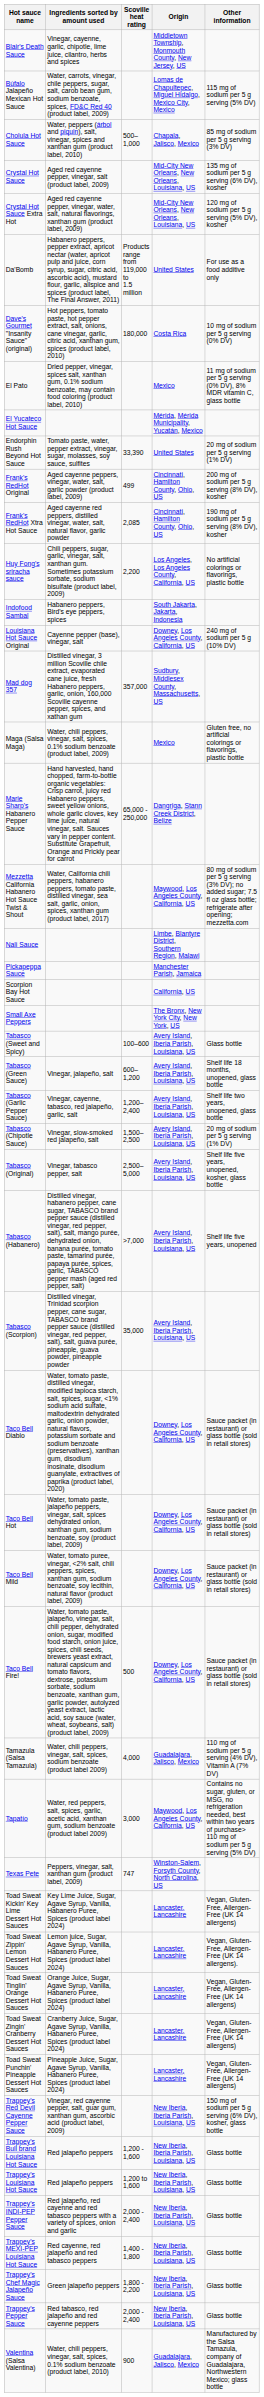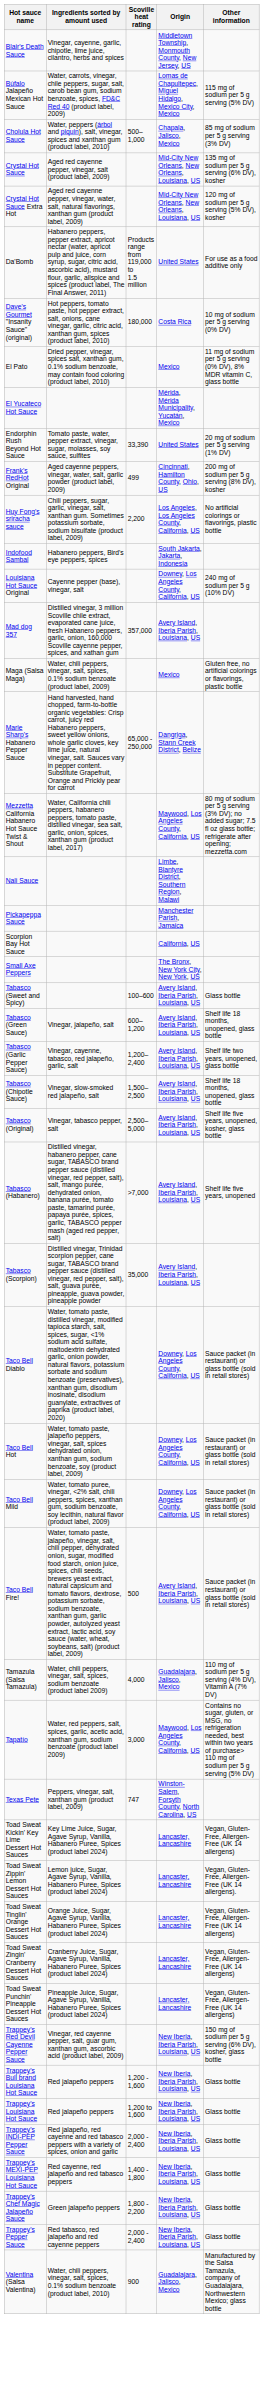 <table class="wikitable sortable">
 <tr>
 <th>Hot sauce name</th>
 <th>Ingredients sorted by amount used</th>
 <th>Scoville heat rating</th>
 <th>Origin</th>
 <th class=unsortable>Other information</th>
 </tr>
 <tr>
 <td><a href='#'>Blair's Death Sauce</a></td>
 <td>Vinegar, cayenne, garlic, chipotle, lime juice, cilantro, herbs and spices</td>
 <td></td>
 <td><a href='#'>Middletown Township</a>, <a href='#'>Monmouth County</a>, <a href='#'>New Jersey</a>, <a href='#'>US</a></td>
 <td></td>
 </tr>
 <tr>
 <td><a href='#'>Búfalo</a> Jalapeño Mexican Hot Sauce</td>
 <td>Water, carrots, vinegar, chile peppers, sugar, salt, carob bean gum, sodium benzoate, spices, <a href='#'>FD&C Red 40</a> (product label, 2009)</td>
 <td></td>
 <td><a href='#'>Lomas de Chapultepec</a>,  <a href='#'>Miguel Hidalgo</a>, <a href='#'>Mexico City</a>, <a href='#'>Mexico</a></td>
 <td>115 mg of sodium per 5 g serving (5% DV)</td>
 </tr>
 <tr>
 <td><a href='#'>Cholula Hot Sauce</a></td>
 <td>Water, peppers (<a href='#'>árbol</a> and <a href='#'>piquin</a>), salt, vinegar, spices and xanthan gum (product label, 2010)</td>
 <td>500–1,000</td>
 <td><a href='#'>Chapala</a>, <a href='#'>Jalisco</a>, <a href='#'>Mexico</a></td>
 <td>85 mg of sodium per 5 g serving (3% DV)</td>
 </tr>
 <tr>
 <td><a href='#'>Crystal Hot Sauce</a></td>
 <td>Aged red cayenne pepper, vinegar, salt (product label, 2009)</td>
 <td></td>
 <td><a href='#'>Mid-City New Orleans</a>, <a href='#'>New Orleans</a>, <a href='#'>Louisiana</a>, <a href='#'>US</a></td>
 <td>135 mg of sodium per 5 g serving (6% DV), kosher</td>
 </tr>
 <tr>
 <td><a href='#'>Crystal Hot Sauce</a> Extra Hot</td>
 <td>Aged red cayenne pepper, vinegar, water, salt, natural flavorings, xanthan gum (product label, 2009)</td>
 <td></td>
 <td><a href='#'>Mid-City New Orleans</a>, <a href='#'>New Orleans</a>, <a href='#'>Louisiana</a>, <a href='#'>US</a></td>
 <td>120 mg of sodium per 5 g serving (5% DV), kosher</td>
 </tr>
 <tr>
 <td>Da'Bomb</td>
 <td>Habanero peppers, pepper extract, apricot nectar (water, apricot pulp and juice, corn syrup, sugar, citric acid, ascorbic acid), mustard flour, garlic, allspice and spices (product label, The Final Answer, 2011)</td>
 <td>Products<br>range from<br>119,000 to<br>1.5 million</td>
 <td><a href='#'>United States</a></td>
 <td>For use as a food additive only</td>
 </tr>
 <tr>
 <td><a href='#'>Dave's Gourmet</a> "Insanity Sauce" (original)</td>
 <td>Hot peppers, tomato paste, hot pepper extract, salt, onions, cane vinegar, garlic, citric acid, xanthan gum, spices (product label, 2010)</td>
 <td>180,000</td>
 <td><a href='#'>Costa Rica</a></td>
 <td>10 mg of sodium per 5 g serving (0% DV)</td>
 </tr>
 <tr>
 <td>El Pato</td>
 <td>Dried pepper, vinegar, spices salt, xanthan gum, 0.1% sodium benzoate, may contain food coloring (product label, 2010)</td>
 <td></td>
 <td><a href='#'>Mexico</a></td>
 <td>11 mg of sodium per 5 g serving (0% DV), 8% MDR vitamin C, glass bottle</td>
 </tr>
 <tr>
 <td><a href='#'>El Yucateco Hot Sauce</a></td>
 <td></td>
 <td></td>
 <td><a href='#'>Mérida</a>, <a href='#'>Mérida Municipality</a>, <a href='#'>Yucatán</a>, <a href='#'>Mexico</a></td>
 <td></td>
 </tr>
 <tr>
 <td>Endorphin Rush Beyond Hot Sauce</td>
 <td>Tomato paste, water, pepper extract, vinegar, sugar, molasses, soy sauce, sulfites</td>
 <td>33,390</td>
 <td><a href='#'>United States</a></td>
 <td>20 mg of sodium per 5 g serving (1% DV)</td>
 </tr>
 <tr>
 <td><a href='#'>Frank's RedHot</a> Original</td>
 <td>Aged cayenne peppers, vinegar, water, salt, garlic powder (product label, 2009)</td>
 <td>499</td>
 <td><a href='#'>Cincinnati</a>, <a href='#'>Hamilton County</a>, <a href='#'>Ohio</a>, <a href='#'>US</a></td>
 <td>200 mg of sodium per 5 g serving (8% DV), kosher</td>
 </tr>
 <tr>
-<td><a href='#'>Frank's RedHot</a> Xtra Hot Sauce</td>
-<td>Aged cayenne red peppers, distilled vinegar, water, salt, natural flavor, garlic powder</td>
-<td>2,085</td>
-<td><a href='#'>Cincinnati</a>, <a href='#'>Hamilton County</a>, <a href='#'>Ohio</a>, <a href='#'>US</a></td>
-<td>190 mg of sodium per 5 g serving (8% DV), kosher</td>
-</tr>
-<tr>
 <td><a href='#'>Huy Fong's sriracha sauce</a></td>
 <td>Chili peppers, sugar, garlic, vinegar, salt, xanthan gum. Sometimes potassium sorbate, sodium bisulfate (product label, 2009)</td>
 <td>2,200</td>
 <td><a href='#'>Los Angeles</a>, <a href='#'>Los Angeles County</a>, <a href='#'>California</a>, <a href='#'>US</a></td>
 <td>No artificial colorings or flavorings, plastic bottle</td>
 </tr>
 <tr>
 <td><a href='#'>Indofood Sambal</a></td>
 <td>Habanero peppers, Bird's eye peppers, spices</td>
 <td></td>
 <td><a href='#'>South Jakarta</a>, <a href='#'>Jakarta</a>, <a href='#'>Indonesia</a></td>
 <td></td>
 </tr>
 <tr>
 <td><a href='#'>Louisiana Hot Sauce</a> Original</td>
 <td>Cayenne pepper (base), vinegar, salt</td>
 <td></td>
 <td><a href='#'>Downey</a>, <a href='#'>Los Angeles County</a>, <a href='#'>California</a>, <a href='#'>US</a></td>
 <td>240 mg of sodium per 5 g (10% DV)</td>
 </tr>
 <tr>
 <td><a href='#'>Mad dog 357</a></td>
 <td>Distilled vinegar, 3 million Scoville chile extract, evaporated cane juice, fresh Habanero peppers, garlic, onion, 160,000 Scoville cayenne pepper, spices, and xathan gum</td>
 <td>357,000</td>
-<td><a href='#'>Sudbury</a>, <a href='#'>Middlesex County</a>, <a href='#'>Massachusetts</a>, <a href='#'>US</a></td>
+<td><a href='#'>Avery Island</a>, <a href='#'>Iberia Parish</a>, <a href='#'>Louisiana</a>, <a href='#'>US</a></td>
 <td></td>
 </tr>
 <tr>
 <td>Maga (Salsa Maga)</td>
 <td>Water, chili peppers, vinegar, salt, spices, 0.1% sodium benzoate (product label, 2009)</td>
 <td></td>
 <td><a href='#'>Mexico</a></td>
 <td>Gluten free, no artificial colorings or flavorings, plastic bottle</td>
 </tr>
 <tr>
 <td><a href='#'>Marie Sharp's</a> Habanero Pepper Sauce</td>
 <td>Hand harvested, hand chopped, farm-to-bottle organic vegetables: Crisp carrot, juicy red Habanero peppers, sweet yellow onions, whole garlic cloves, key lime juice, natural vinegar, salt.  Sauces vary in pepper content.<br>Substitute Grapefruit, Orange and Prickly pear for carrot</td>
 <td>65,000 - 250,000</td>
 <td><a href='#'>Dangriga</a>, <a href='#'>Stann Creek District</a>, <a href='#'>Belize</a></td>
 <td></td>
 </tr>
 <tr>
 <td><a href='#'>Mezzetta</a> California Habanero Hot Sauce Twist & Shout</td>
 <td>Water, California chili peppers, habanero peppers, tomato paste, distilled vinegar, sea salt, garlic, onion, spices, xanthan gum (product label, 2017)</td>
 <td></td>
 <td><a href='#'>Maywood</a>, <a href='#'>Los Angeles County</a>, <a href='#'>California</a>, <a href='#'>US</a></td>
 <td>80 mg of sodium per 5 g serving (3% DV); no added sugar; 7.5 fl oz glass bottle; refrigerate after opening; mezzetta.com</td>
 </tr>
 <tr>
 <td><a href='#'>Nali Sauce</a></td>
 <td></td>
 <td></td>
 <td><a href='#'>Limbe</a>, <a href='#'>Blantyre District</a>, <a href='#'>Southern Region</a>, <a href='#'>Malawi</a></td>
 </tr>
 <tr>
 <td><a href='#'>Pickapeppa Sauce</a></td>
 <td></td>
 <td></td>
 <td><a href='#'>Manchester Parish</a>, <a href='#'>Jamaica</a></td>
 <td></td>
 </tr>
 <tr>
 <td>Scorpion Bay Hot Sauce</td>
 <td></td>
 <td></td>
 <td><a href='#'>California</a>, <a href='#'>US</a></td>
 <td></td>
 </tr>
 <tr>
 <td><a href='#'>Small Axe Peppers</a></td>
 <td></td>
 <td></td>
 <td><a href='#'>The Bronx</a>, <a href='#'>New York City</a>, <a href='#'>New York</a>, <a href='#'>US</a></td>
 <td></td>
 </tr>
 <tr>
 <td><a href='#'>Tabasco</a> (Sweet and Spicy)</td>
 <td></td>
 <td>100–600</td>
 <td><a href='#'>Avery Island</a>, <a href='#'>Iberia Parish</a>, <a href='#'>Louisiana</a>, <a href='#'>US</a></td>
 <td>Glass bottle</td>
 </tr>
 <tr>
 <td><a href='#'>Tabasco</a> (Green Sauce)</td>
 <td>Vinegar, jalapeño, salt</td>
 <td>600–1,200</td>
 <td><a href='#'>Avery Island</a>, <a href='#'>Iberia Parish</a>, <a href='#'>Louisiana</a>, <a href='#'>US</a></td>
 <td>Shelf life 18 months, unopened, glass bottle</td>
 </tr>
 <tr>
 <td><a href='#'>Tabasco</a> (Garlic Pepper Sauce)</td>
 <td>Vinegar, cayenne, tabasco, red jalapeño, garlic, salt</td>
 <td>1,200–2,400</td>
 <td><a href='#'>Avery Island</a>, <a href='#'>Iberia Parish</a>, <a href='#'>Louisiana</a>, <a href='#'>US</a></td>
 <td>Shelf life two years, unopened, glass bottle</td>
 </tr>
 <tr>
 <td><a href='#'>Tabasco</a> (Chipotle Sauce)</td>
 <td>Vinegar, slow-smoked red jalapeño, salt</td>
 <td>1,500–2,500</td>
 <td><a href='#'>Avery Island</a>, <a href='#'>Iberia Parish</a>, <a href='#'>Louisiana</a>, <a href='#'>US</a></td>
-<td>20 mg of sodium per 5 g serving (1% DV)</td>
+<td>Shelf life 18 months, unopened, glass bottle</td>
 </tr>
 <tr>
 <td><a href='#'>Tabasco</a> (Original)</td>
 <td>Vinegar, tabasco pepper, salt</td>
 <td>2,500–5,000</td>
 <td><a href='#'>Avery Island</a>, <a href='#'>Iberia Parish</a>, <a href='#'>Louisiana</a>, <a href='#'>US</a></td>
 <td>Shelf life five years, unopened, kosher, glass bottle</td>
 </tr>
 <tr>
 <td><a href='#'>Tabasco</a> (Habanero)</td>
 <td>Distilled vinegar, habanero pepper, cane sugar, TABASCO brand pepper sauce (distilled vinegar, red pepper, salt), salt, mango purée, dehydrated onion, banana purée, tomato paste, tamarind purée, papaya purée, spices, garlic, TABASCO pepper mash (aged red pepper, salt)</td>
 <td>>7,000</td>
 <td><a href='#'>Avery Island</a>, <a href='#'>Iberia Parish</a>, <a href='#'>Louisiana</a>, <a href='#'>US</a></td>
 <td>Shelf life five years, unopened</td>
 </tr>
 <tr>
 <td><a href='#'>Tabasco</a> (Scorpion)</td>
 <td>Distilled vinegar, Trinidad scorpion pepper, cane sugar, TABASCO brand pepper sauce (distilled vinegar, red pepper, salt), salt, guava purée, pineapple, guava powder, pineapple powder</td>
 <td>35,000</td>
 <td><a href='#'>Avery Island</a>, <a href='#'>Iberia Parish</a>, <a href='#'>Louisiana</a>, <a href='#'>US</a></td>
 <td></td>
 </tr>
 <tr>
 <td><a href='#'>Taco Bell</a> Diablo</td>
 <td>Water, tomato paste, distilled vinegar, modified tapioca starch, salt, spices, sugar, <1% sodium acid sulfate, maltodextrin dehydrated garlic, onion powder, natural flavors, potassium sorbate and sodium benzoate (preservatives), xanthan gum, disodium inosinate, disodium guanylate, extractives of paprika (product label, 2020)</td>
 <td></td>
 <td><a href='#'>Downey</a>, <a href='#'>Los Angeles County</a>, <a href='#'>California</a>, <a href='#'>US</a></td>
 <td>Sauce packet (in restaurant) or glass bottle (sold in retail stores)</td>
 </tr>
 <tr>
 <td><a href='#'>Taco Bell</a> Hot</td>
 <td>Water, tomato paste, jalapeño peppers, vinegar, salt, spices dehydrated onion, xanthan gum, sodium benzoate, soy (product label, 2009)</td>
 <td></td>
 <td><a href='#'>Downey</a>, <a href='#'>Los Angeles County</a>, <a href='#'>California</a>, <a href='#'>US</a></td>
 <td>Sauce packet (in restaurant) or glass bottle (sold in retail stores)</td>
 </tr>
 <tr>
 <td><a href='#'>Taco Bell</a> Mild</td>
 <td>Water, tomato puree, vinegar, <2% salt, chili peppers, spices, xanthan gum, sodium benzoate, soy lecithin, natural flavor (product label, 2009)</td>
 <td></td>
 <td><a href='#'>Downey</a>, <a href='#'>Los Angeles County</a>, <a href='#'>California</a>, <a href='#'>US</a></td>
 <td>Sauce packet (in restaurant) or glass bottle (sold in retail stores)</td>
 </tr>
 <tr>
 <td><a href='#'>Taco Bell</a> Fire!</td>
 <td>Water, tomato paste, jalapeño, vinegar, salt, chili pepper, dehydrated onion, sugar, modified food starch, onion juice, spices, chili seeds, brewers yeast extract, natural capsicum and tomato flavors, dextrose, potassium sorbate, sodium benzoate, xanthan gum, garlic powder, autolyzed yeast extract, lactic acid, soy sauce (water, wheat, soybeans, salt) (product label, 2009)</td>
 <td>500</td>
-<td><a href='#'>Downey</a>, <a href='#'>Los Angeles County</a>, <a href='#'>California</a>, <a href='#'>US</a></td>
+<td><a href='#'>Avery Island</a>, <a href='#'>Iberia Parish</a>, <a href='#'>Louisiana</a>, <a href='#'>US</a></td>
 <td>Sauce packet (in restaurant) or glass bottle (sold in retail stores)</td>
 </tr>
 <tr>
 <td>Tamazula (Salsa Tamazula)</td>
 <td>Water, chili peppers, vinegar, salt, spices, sodium benzoate (product label 2009)</td>
 <td>4,000</td>
 <td><a href='#'>Guadalajara</a>, <a href='#'>Jalisco</a>, <a href='#'>Mexico</a></td>
 <td>110 mg of sodium per 5 g serving (4% DV), Vitamin A (7% DV)</td>
 </tr>
 <tr>
 <td><a href='#'>Tapatío</a></td>
 <td>Water, red peppers, salt, spices, garlic, acetic acid, xanthan gum, sodium benzoate (product label 2009)</td>
 <td>3,000</td>
 <td><a href='#'>Maywood</a>, <a href='#'>Los Angeles County</a>, <a href='#'>California</a>, <a href='#'>US</a></td>
 <td>Contains no sugar, gluten, or MSG, no refrigeration needed, best within two years of purchase> 110 mg of sodium per 5 g serving (5% DV)</td>
 </tr>
 <tr>
 <td><a href='#'>Texas Pete</a></td>
 <td>Peppers, vinegar, salt, xanthan gum (product label, 2009)</td>
 <td>747</td>
 <td><a href='#'>Winston-Salem</a>, <a href='#'>Forsyth County</a>, <a href='#'>North Carolina</a>,  <a href='#'>US</a></td>
 <td></td>
 </tr>
 <tr>
 <td>Toad Sweat Kickin' Key Lime Dessert Hot Sauces</td>
 <td>Key Lime Juice, Sugar, Agave Syrup, Vanilla, Habanero Puree, Spices (product label 2024)</td>
 <td></td>
 <td><a href='#'>Lancaster, Lancashire</a></td>
 <td>Vegan, Gluten-Free, Allergen-Free (UK 14 allergens)</td>
 </tr>
 <tr>
 <td>Toad Sweat Zippin' Lemon Dessert Hot Sauces</td>
 <td>Lemon juice, Sugar, Agave Syrup, Vanilla, Habanero Puree, Spices (product label 2024)</td>
 <td></td>
 <td><a href='#'>Lancaster, Lancashire</a></td>
 <td>Vegan, Gluten-Free, Allergen-Free (UK 14 allergens).</td>
 </tr>
 <tr>
 <td>Toad Sweat Tinglin' Orange Dessert Hot Sauces</td>
 <td>Orange Juice, Sugar, Agave Syrup, Vanilla, Habanero Puree, Spices (product label 2024)</td>
 <td></td>
 <td><a href='#'>Lancaster, Lancashire</a></td>
 <td>Vegan, Gluten-Free, Allergen-Free (UK 14 allergens)</td>
 </tr>
 <tr>
 <td>Toad Sweat Zingin' Cranberry Dessert Hot Sauces</td>
 <td>Cranberry Juice, Sugar, Agave Syrup, Vanilla, Habanero Puree, Spices (product label 2024)</td>
 <td></td>
 <td><a href='#'>Lancaster, Lancashire</a></td>
 <td>Vegan, Gluten-Free, Allergen-Free (UK 14 allergens)</td>
 </tr>
 <tr>
 <td>Toad Sweat Punchin' Pineapple Dessert Hot Sauces</td>
 <td>Pineapple Juice, Sugar, Agave Syrup, Vanilla, Habanero Puree, Spices (product label 2024)</td>
 <td></td>
 <td><a href='#'>Lancaster, Lancashire</a></td>
 <td>Vegan, Gluten-Free, Allergen-Free (UK 14 allergens)</td>
 </tr>
 <tr>
 <td><a href='#'>Trappey's Red Devil Cayenne Pepper Sauce</a></td>
 <td>Vinegar, red cayenne pepper, salt, guar gum, xanthan gum, ascorbic acid (product label, 2009)</td>
 <td></td>
 <td><a href='#'>New Iberia</a>, <a href='#'>Iberia Parish</a>, <a href='#'>Louisiana</a>, <a href='#'>US</a></td>
 <td>150 mg of sodium per 5 g serving (6% DV), kosher, glass bottle</td>
 </tr>
 <tr>
 <td><a href='#'>Trappey's Bull brand Louisiana Hot Sauce</a></td>
 <td>Red jalapeño peppers</td>
 <td>1,200 - 1,600</td>
 <td><a href='#'>New Iberia</a>, <a href='#'>Iberia Parish</a>, <a href='#'>Louisiana</a>, <a href='#'>US</a></td>
 <td>Glass bottle</td>
 </tr>
 <tr>
 <td><a href='#'>Trappey's Louisiana Hot Sauce</a></td>
 <td>Red jalapeño peppers</td>
 <td>1,200 to 1,600</td>
 <td><a href='#'>New Iberia</a>, <a href='#'>Iberia Parish</a>, <a href='#'>Louisiana</a>, <a href='#'>US</a></td>
 <td>Glass bottle</td>
 </tr>
 <tr>
 <td><a href='#'>Trappey's INDI-PEP Pepper Sauce</a></td>
 <td>Red jalapeño, red cayenne and red tabasco peppers with a variety of spices, onion and garlic</td>
 <td>2,000 - 2,400</td>
 <td><a href='#'>New Iberia</a>, <a href='#'>Iberia Parish</a>, <a href='#'>Louisiana</a>, <a href='#'>US</a></td>
 <td>Glass bottle</td>
 </tr>
 <tr>
 <td><a href='#'>Trappey's MEXI-PEP Louisiana Hot Sauce</a></td>
 <td>Red cayenne, red jalapeño and red tabasco peppers</td>
 <td>1,400 - 1,800</td>
 <td><a href='#'>New Iberia</a>, <a href='#'>Iberia Parish</a>, <a href='#'>Louisiana</a>, <a href='#'>US</a></td>
 <td>Glass bottle</td>
 </tr>
 <tr>
 <td><a href='#'>Trappey's Chef Magic Jalapeño Sauce</a></td>
 <td>Green jalapeño peppers</td>
 <td>1,800 - 2,200</td>
 <td><a href='#'>New Iberia</a>, <a href='#'>Iberia Parish</a>, <a href='#'>Louisiana</a>, <a href='#'>US</a></td>
 <td>Glass bottle</td>
 </tr>
 <tr>
 <td><a href='#'>Trappey's Pepper Sauce</a></td>
 <td>Red tabasco, red jalapeño and red cayenne peppers</td>
 <td>2,000 - 2,400</td>
 <td><a href='#'>New Iberia</a>, <a href='#'>Iberia Parish</a>, <a href='#'>Louisiana</a>, <a href='#'>US</a></td>
 <td>Glass bottle</td>
 </tr>
 <tr>
 <td><a href='#'>Valentina</a> (Salsa Valentina)</td>
 <td>Water, chili peppers, vinegar, salt, spices, 0.1% sodium benzoate (product label, 2010)</td>
 <td>900</td>
 <td><a href='#'>Guadalajara</a>, <a href='#'>Jalisco</a>, <a href='#'>Mexico</a></td>
 <td>Manufactured by the Salsa Tamazula, company of Guadalajara, Northwestern Mexico; glass bottle</td>
 </tr>
 </table>
